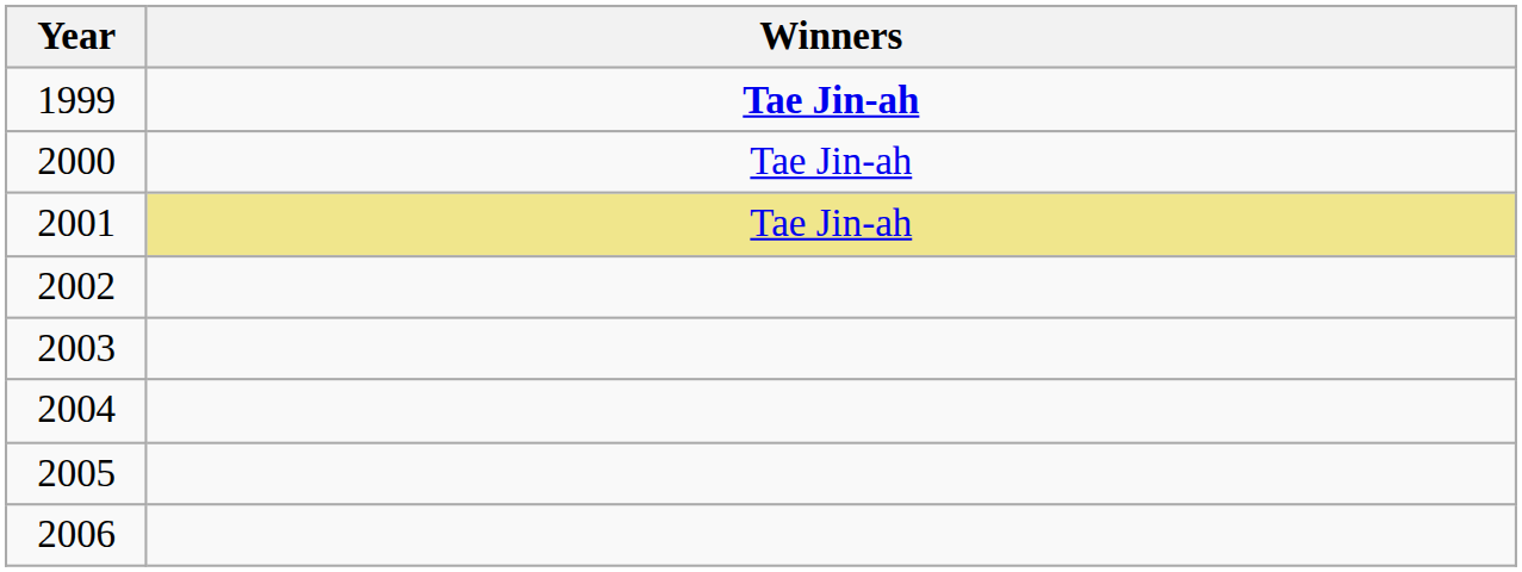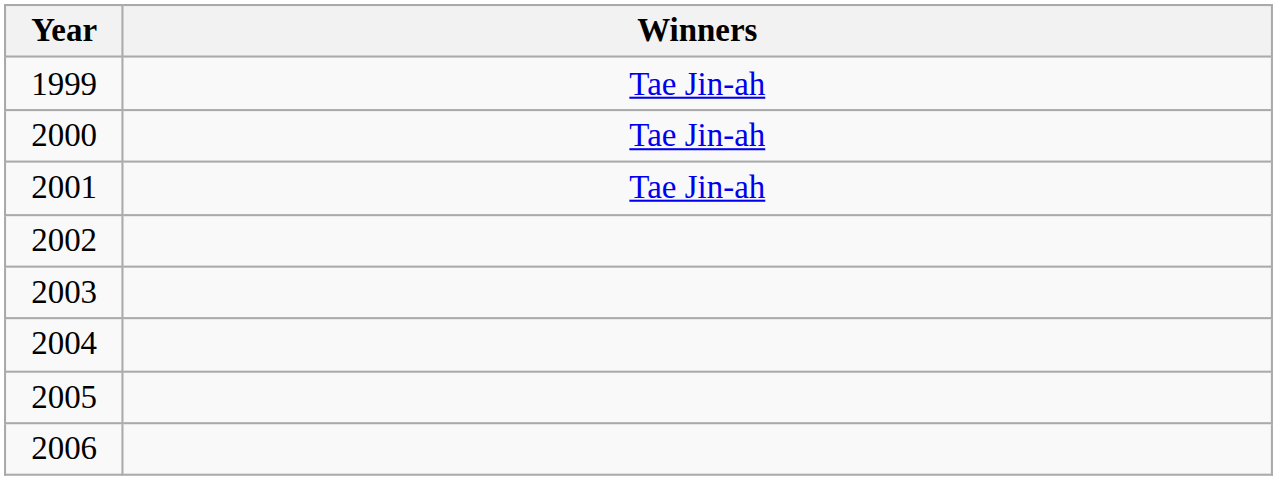 <table class="wikitable" style="text-align:center;">
 <tr>
 <th width="50">Year</th>
 <th width="550">Winners</th>
 </tr>
 <tr>
 <td>1999</td>
-<td><strong><a href='#'>Tae Jin-ah</a></strong></td>
+<td><a href='#'>Tae Jin-ah</a></td>
 </tr>
 <tr>
 <td>2000</td>
 <td><a href='#'>Tae Jin-ah</a></td>
 </tr>
 <tr>
 <td>2001</td>
-<td style="background: khaki;"><a href='#'>Tae Jin-ah</a></td>
+<td><a href='#'>Tae Jin-ah</a></td>
 </tr>
 <tr>
 <td>2002</td>
 <td></td>
 </tr>
 <tr>
 <td>2003</td>
 <td></td>
 </tr>
 <tr>
 <td>2004</td>
 <td></td>
 </tr>
 <tr>
 <td>2005</td>
 <td></td>
 </tr>
 <tr>
 <td>2006</td>
 <td></td>
 </tr>
 </table>
